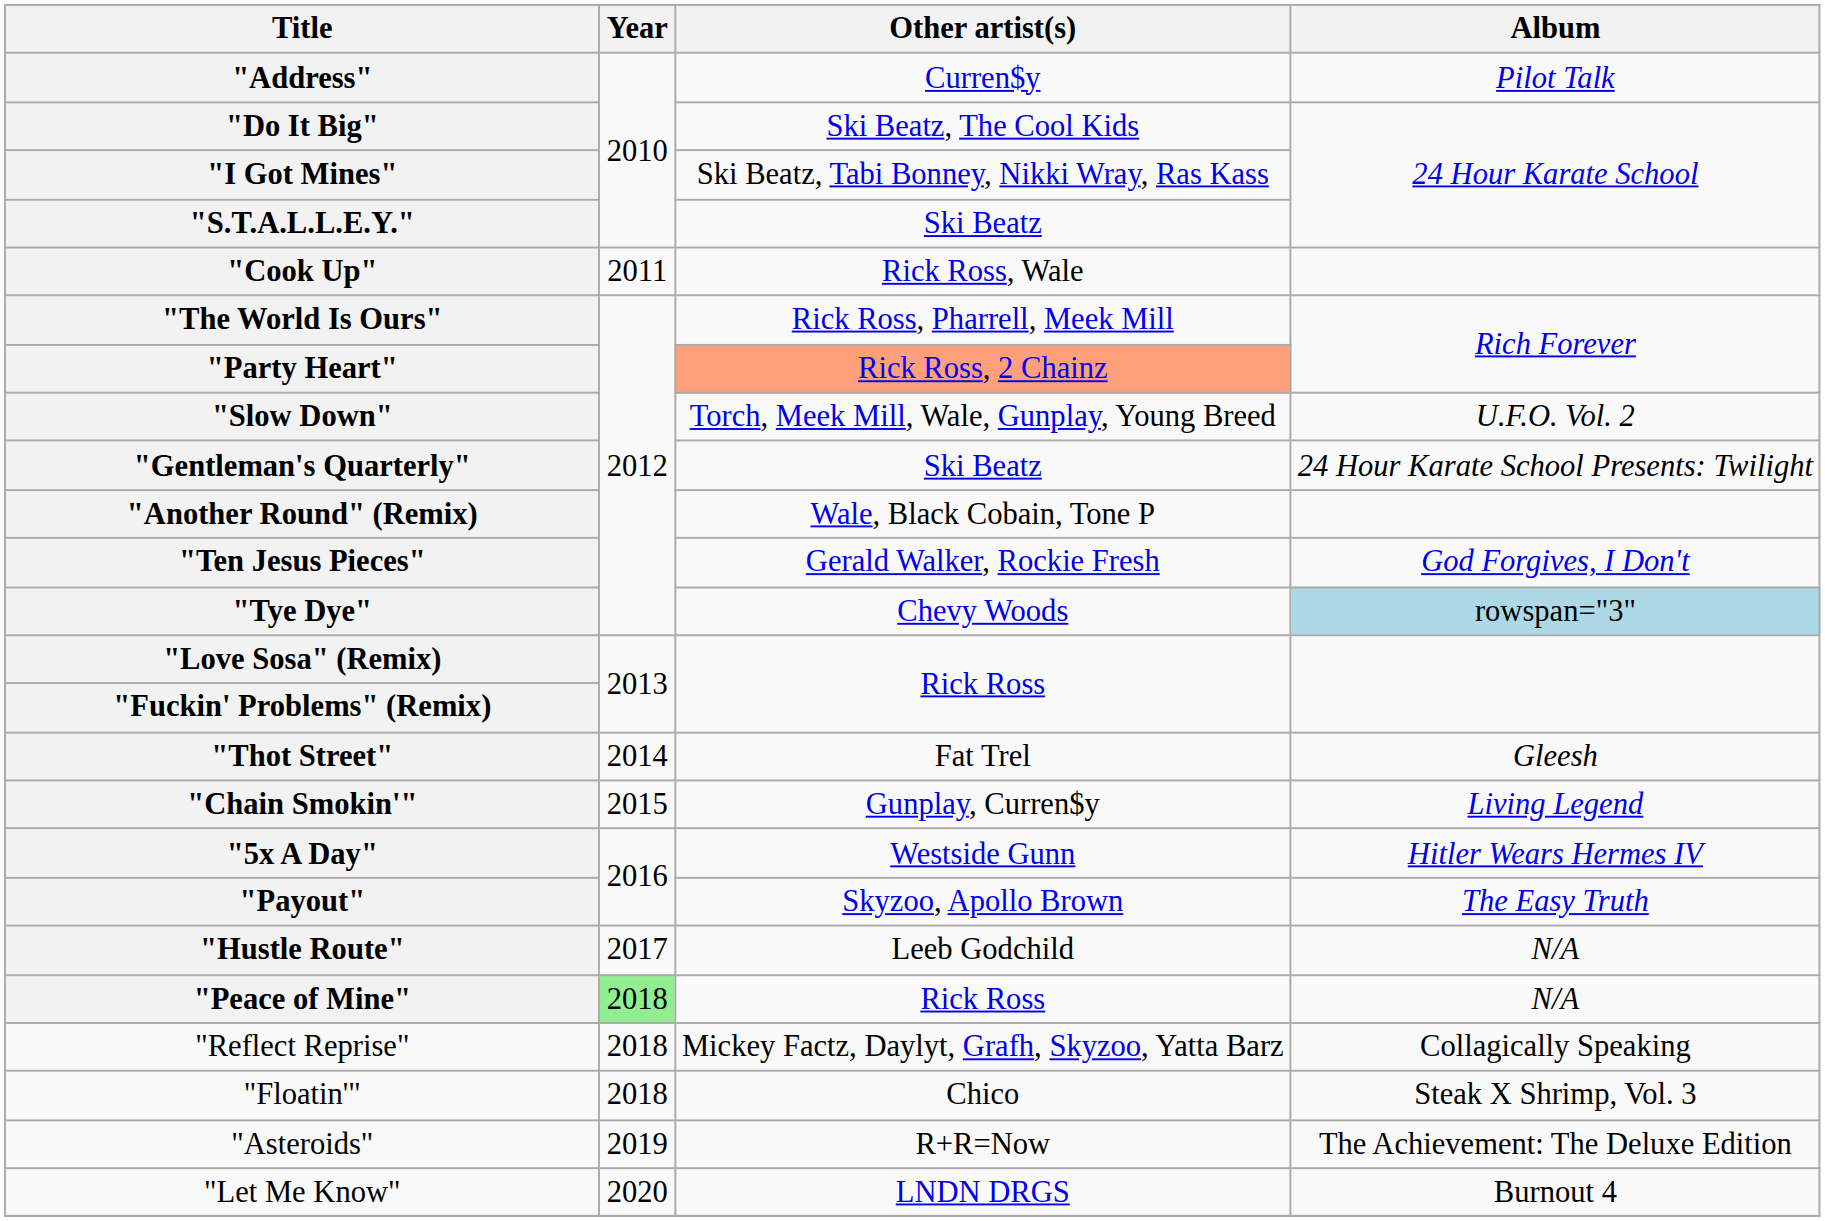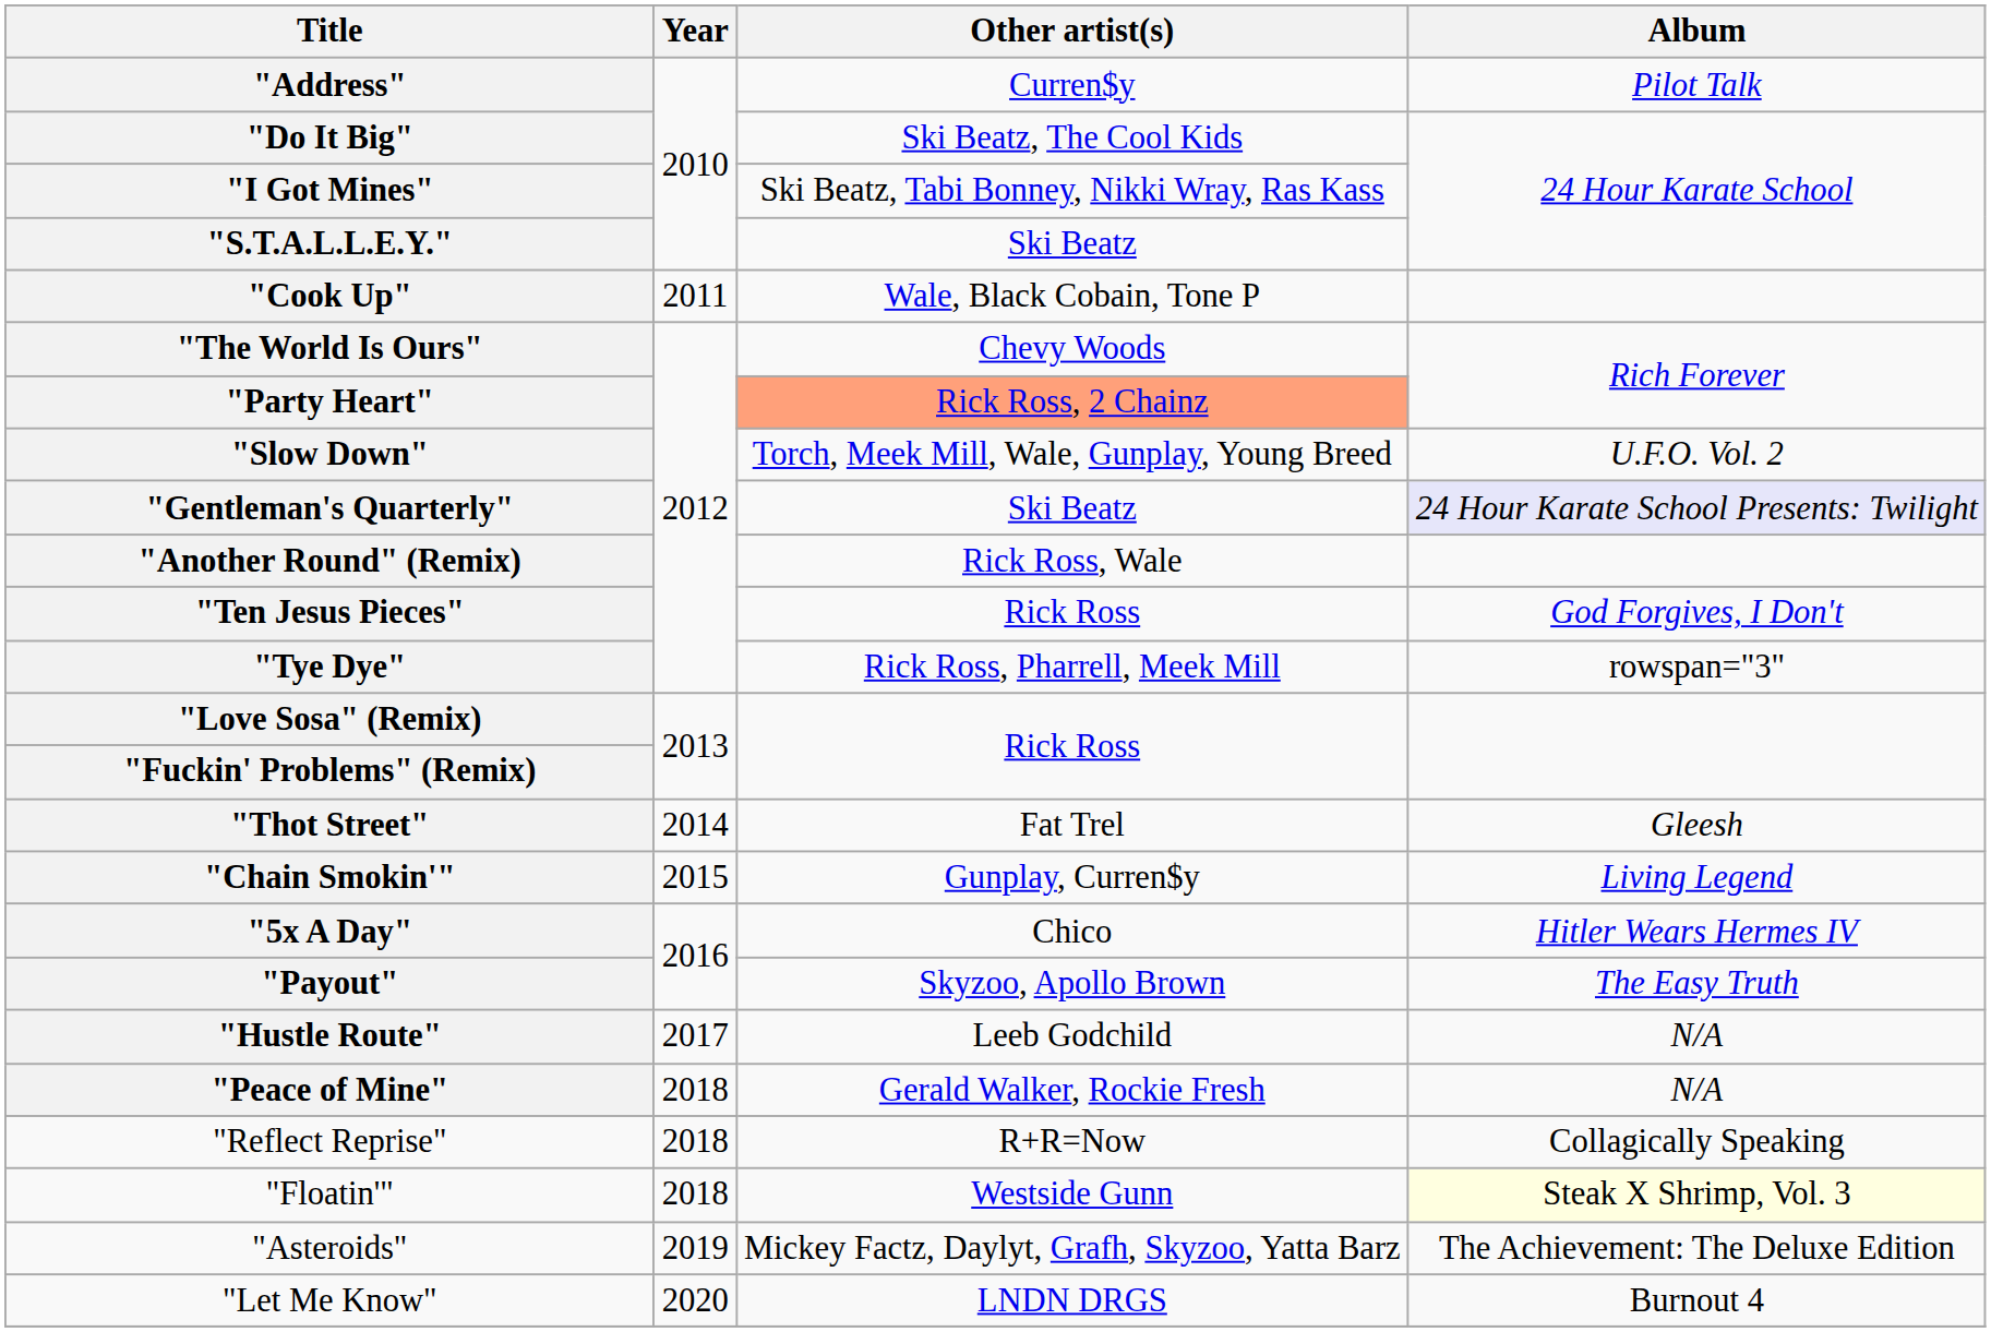 <table class="wikitable plainrowheaders" style="text-align:center;">
 <tr>
 <th scope="col" style="width:19em;">Title</th>
 <th scope="col">Year</th>
 <th scope="col">Other artist(s)</th>
 <th scope="col">Album</th>
 </tr>
 <tr>
 <th scope="row">"Address"</th>
 <td rowspan="4">2010</td>
 <td><a href='#'>Curren$y</a></td>
 <td><em><a href='#'>Pilot Talk</a></em></td>
 </tr>
 <tr>
 <th scope="row">"Do It Big"</th>
 <td><a href='#'>Ski Beatz</a>, <a href='#'>The Cool Kids</a></td>
 <td rowspan="3"><em><a href='#'>24 Hour Karate School</a></em></td>
 </tr>
 <tr>
 <th scope="row">"I Got Mines"</th>
 <td>Ski Beatz, <a href='#'>Tabi Bonney</a>, <a href='#'>Nikki Wray</a>, <a href='#'>Ras Kass</a></td>
 </tr>
 <tr>
 <th scope="row">"S.T.A.L.L.E.Y."</th>
 <td><a href='#'>Ski Beatz</a></td>
 </tr>
 <tr>
 <th scope="row">"Cook Up"</th>
 <td>2011</td>
-<td><a href='#'>Rick Ross</a>, Wale</td>
+<td><a href='#'>Wale</a>, Black Cobain, Tone P</td>
 <td></td>
 </tr>
 <tr>
 <th scope="row">"The World Is Ours"</th>
 <td rowspan="7">2012</td>
-<td><a href='#'>Rick Ross</a>, <a href='#'>Pharrell</a>, <a href='#'>Meek Mill</a></td>
+<td><a href='#'>Chevy Woods</a></td>
 <td rowspan="2"><em><a href='#'>Rich Forever</a></em></td>
 </tr>
 <tr>
 <th scope="row">"Party Heart"</th>
 <td style="background: lightsalmon;"><a href='#'>Rick Ross</a>, <a href='#'>2 Chainz</a></td>
 </tr>
 <tr>
 <th scope="row">"Slow Down"</th>
 <td><a href='#'>Torch</a>, <a href='#'>Meek Mill</a>, Wale, <a href='#'>Gunplay</a>, Young Breed</td>
 <td><em>U.F.O. Vol. 2</em></td>
 </tr>
 <tr>
 <th scope="row">"Gentleman's Quarterly"</th>
 <td><a href='#'>Ski Beatz</a></td>
-<td><em>24 Hour Karate School Presents: Twilight</em></td>
+<td style="background: lavender;"><em>24 Hour Karate School Presents: Twilight</em></td>
 </tr>
 <tr>
 <th scope="row">"Another Round" (Remix)</th>
-<td><a href='#'>Wale</a>, Black Cobain, Tone P</td>
+<td><a href='#'>Rick Ross</a>, Wale</td>
 <td></td>
 </tr>
 <tr>
 <th scope="row">"Ten Jesus Pieces"</th>
-<td><a href='#'>Gerald Walker</a>, <a href='#'>Rockie Fresh</a></td>
+<td><a href='#'>Rick Ross</a></td>
 <td><em><a href='#'>God Forgives, I Don't</a></em></td>
 </tr>
 <tr>
 <th scope="row">"Tye Dye"</th>
-<td><a href='#'>Chevy Woods</a></td>
-<td style="background: lightblue;">rowspan="3" </td>
+<td><a href='#'>Rick Ross</a>, <a href='#'>Pharrell</a>, <a href='#'>Meek Mill</a></td>
+<td>rowspan="3" </td>
 </tr>
 <tr>
 <th scope="row">"Love Sosa" (Remix)</th>
 <td rowspan="2">2013</td>
 <td rowspan="2"><a href='#'>Rick Ross</a></td>
 </tr>
 <tr>
 <th scope="row">"Fuckin' Problems" (Remix)</th>
 </tr>
 <tr>
 <th scope="row">"Thot Street"</th>
 <td rowspan="1">2014</td>
 <td>Fat Trel</td>
 <td><em>Gleesh</em></td>
 </tr>
 <tr>
 <th scope="row">"Chain Smokin'"</th>
 <td rowspan="1">2015</td>
 <td><a href='#'>Gunplay</a>, Curren$y</td>
 <td><em><a href='#'>Living Legend</a></em></td>
 </tr>
 <tr>
 <th scope="row">"5x A Day"</th>
 <td rowspan="2">2016</td>
-<td><a href='#'>Westside Gunn</a></td>
+<td>Chico</td>
 <td><em><a href='#'>Hitler Wears Hermes IV</a></em></td>
 </tr>
 <tr>
 <th scope="row">"Payout"</th>
 <td><a href='#'>Skyzoo</a>, <a href='#'>Apollo Brown</a></td>
 <td><em><a href='#'>The Easy Truth</a></em></td>
 </tr>
 <tr>
 <th scope="row">"Hustle Route"</th>
 <td rowspan="1">2017</td>
 <td>Leeb Godchild</td>
 <td><em>N/A</em></td>
 </tr>
 <tr>
 <th scope="row">"Peace of Mine"</th>
-<td rowspan="1" style="background: lightgreen;">2018</td>
-<td><a href='#'>Rick Ross</a></td>
+<td rowspan="1">2018</td>
+<td><a href='#'>Gerald Walker</a>, <a href='#'>Rockie Fresh</a></td>
 <td><em>N/A</em></td>
 </tr>
 <tr>
 <td>"Reflect Reprise"</td>
 <td>2018</td>
-<td>Mickey Factz, Daylyt, <a href='#'>Grafh</a>, <a href='#'>Skyzoo</a>, Yatta Barz</td>
+<td>R+R=Now</td>
 <td>Collagically Speaking</td>
 </tr>
 <tr>
 <td>"Floatin'"</td>
 <td>2018</td>
-<td>Chico</td>
-<td>Steak X Shrimp, Vol. 3</td>
+<td><a href='#'>Westside Gunn</a></td>
+<td style="background: lightyellow;">Steak X Shrimp, Vol. 3</td>
 </tr>
 <tr>
 <td>"Asteroids"</td>
 <td>2019</td>
-<td>R+R=Now</td>
+<td>Mickey Factz, Daylyt, <a href='#'>Grafh</a>, <a href='#'>Skyzoo</a>, Yatta Barz</td>
 <td>The Achievement: The Deluxe Edition</td>
 </tr>
 <tr>
 <td>"Let Me Know"</td>
 <td>2020</td>
 <td><a href='#'>LNDN DRGS</a></td>
 <td>Burnout 4</td>
 </tr>
 <tr>
 </tr>
 </table>
